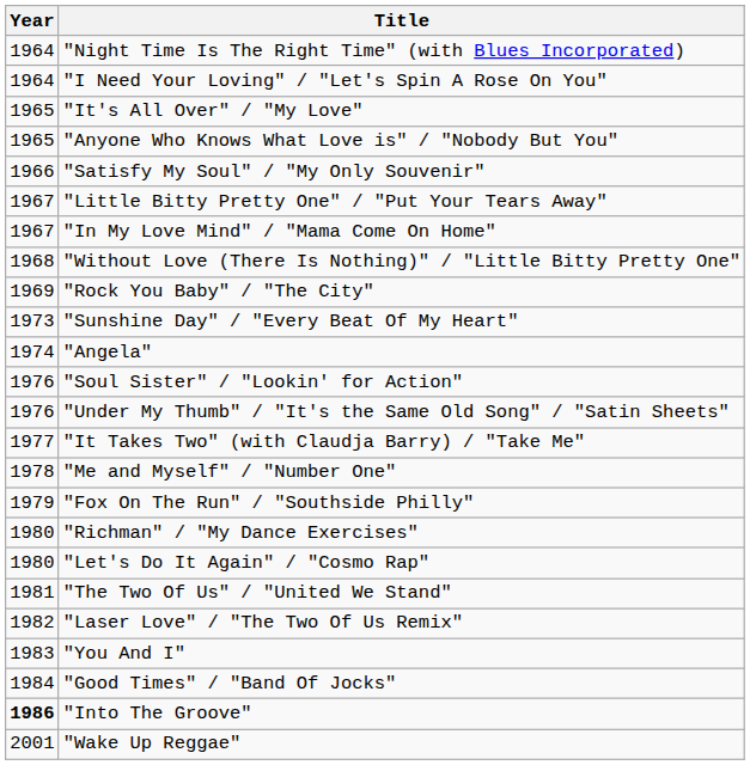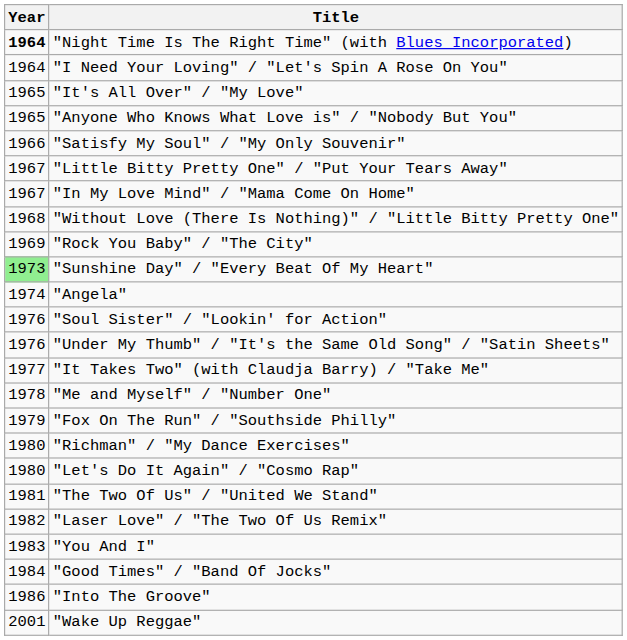 <table class="wikitable">
 <tr>
 <th>Year</th>
 <th>Title</th>
 </tr>
 <tr>
-<td>1964</td>
+<td><strong>1964</strong></td>
 <td>"Night Time Is The Right Time" (with <a href='#'>Blues Incorporated</a>)</td>
 </tr>
 <tr>
 <td>1964</td>
 <td>"I Need Your Loving" / "Let's Spin A Rose On You"</td>
 </tr>
 <tr>
 <td>1965</td>
 <td>"It's All Over" / "My Love"</td>
 </tr>
 <tr>
 <td>1965</td>
 <td>"Anyone Who Knows What Love is" / "Nobody But You"</td>
 </tr>
 <tr>
 <td>1966</td>
 <td>"Satisfy My Soul" / "My Only Souvenir"</td>
 </tr>
 <tr>
 <td>1967</td>
 <td>"Little Bitty Pretty One" / "Put Your Tears Away"</td>
 </tr>
 <tr>
 <td>1967</td>
 <td>"In My Love Mind" / "Mama Come On Home"</td>
 </tr>
 <tr>
 <td>1968</td>
 <td>"Without Love (There Is Nothing)" / "Little Bitty Pretty One"</td>
 </tr>
 <tr>
 <td>1969</td>
 <td>"Rock You Baby" / "The City"</td>
 </tr>
 <tr>
-<td>1973</td>
+<td style="background: lightgreen;">1973</td>
 <td>"Sunshine Day" / "Every Beat Of My Heart"</td>
 </tr>
 <tr>
 <td>1974</td>
 <td>"Angela"</td>
 </tr>
 <tr>
 <td>1976</td>
 <td>"Soul Sister" / "Lookin' for Action"</td>
 </tr>
 <tr>
 <td>1976</td>
 <td>"Under My Thumb" / "It's the Same Old Song" / "Satin Sheets"</td>
 </tr>
 <tr>
 <td>1977</td>
 <td>"It Takes Two" (with Claudja Barry) / "Take Me"</td>
 </tr>
 <tr>
 <td>1978</td>
 <td>"Me and Myself" / "Number One"</td>
 </tr>
 <tr>
 <td>1979</td>
 <td>"Fox On The Run" / "Southside Philly"</td>
 </tr>
 <tr>
 <td>1980</td>
 <td>"Richman" / "My Dance Exercises"</td>
 </tr>
 <tr>
 <td>1980</td>
 <td>"Let's Do It Again" / "Cosmo Rap"</td>
 </tr>
 <tr>
 <td>1981</td>
 <td>"The Two Of Us" / "United We Stand"</td>
 </tr>
 <tr>
 <td>1982</td>
 <td>"Laser Love" / "The Two Of Us Remix"</td>
 </tr>
 <tr>
 <td>1983</td>
 <td>"You And I"</td>
 </tr>
 <tr>
 <td>1984</td>
 <td>"Good Times" / "Band Of Jocks"</td>
 </tr>
 <tr>
-<td><strong>1986</strong></td>
+<td>1986</td>
 <td>"Into The Groove"</td>
 </tr>
 <tr>
 <td>2001</td>
 <td>"Wake Up Reggae"</td>
 </tr>
 </table>
